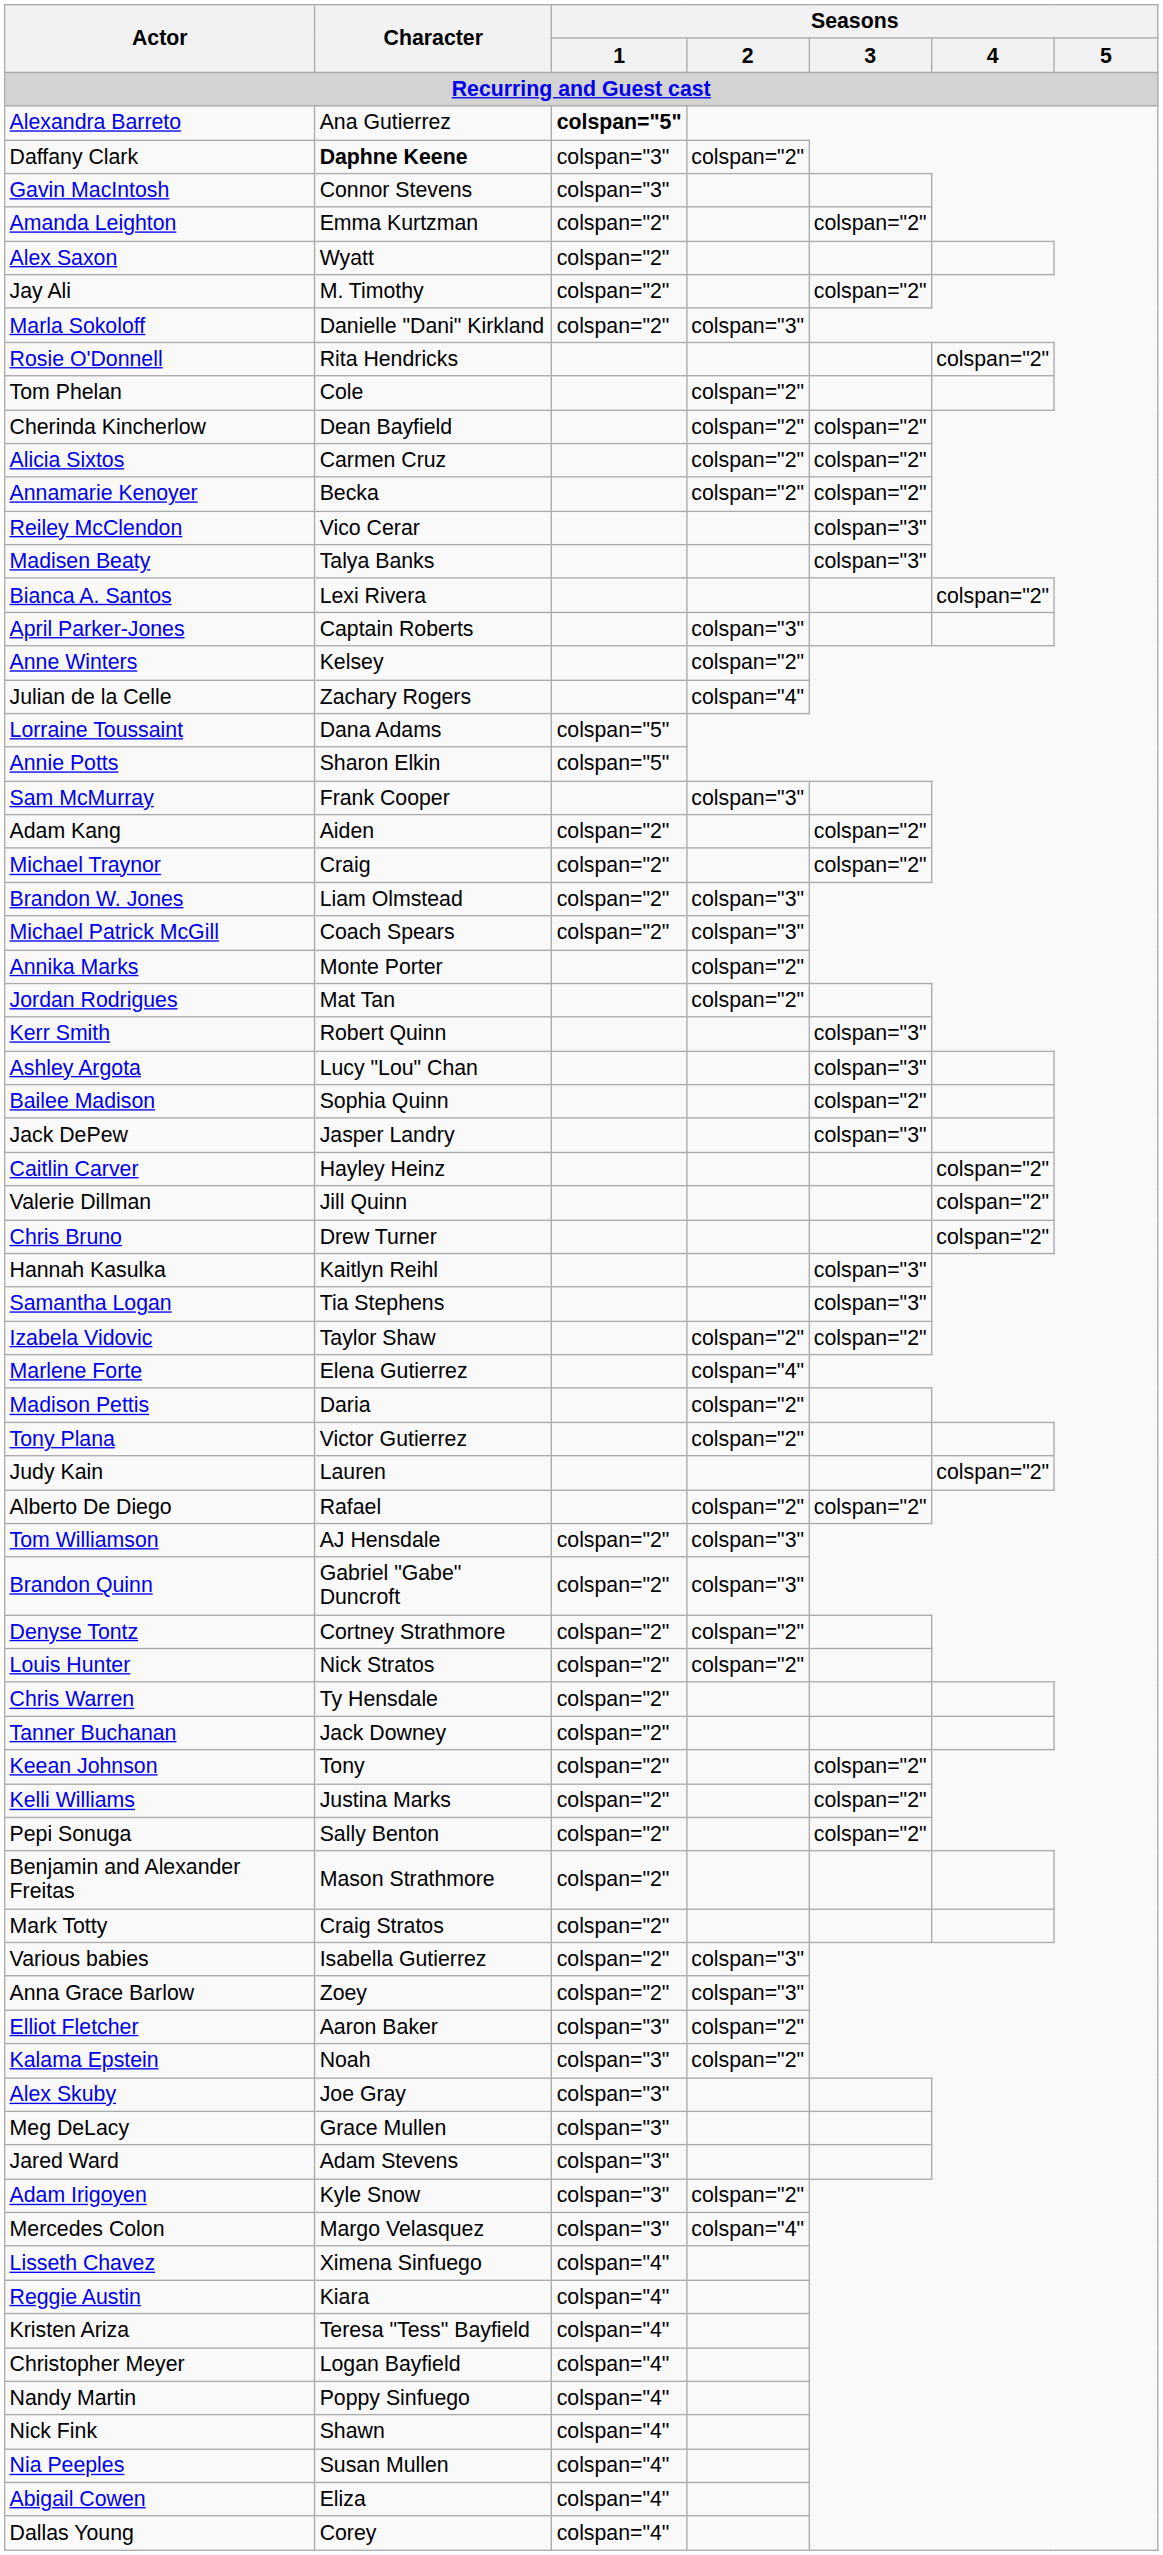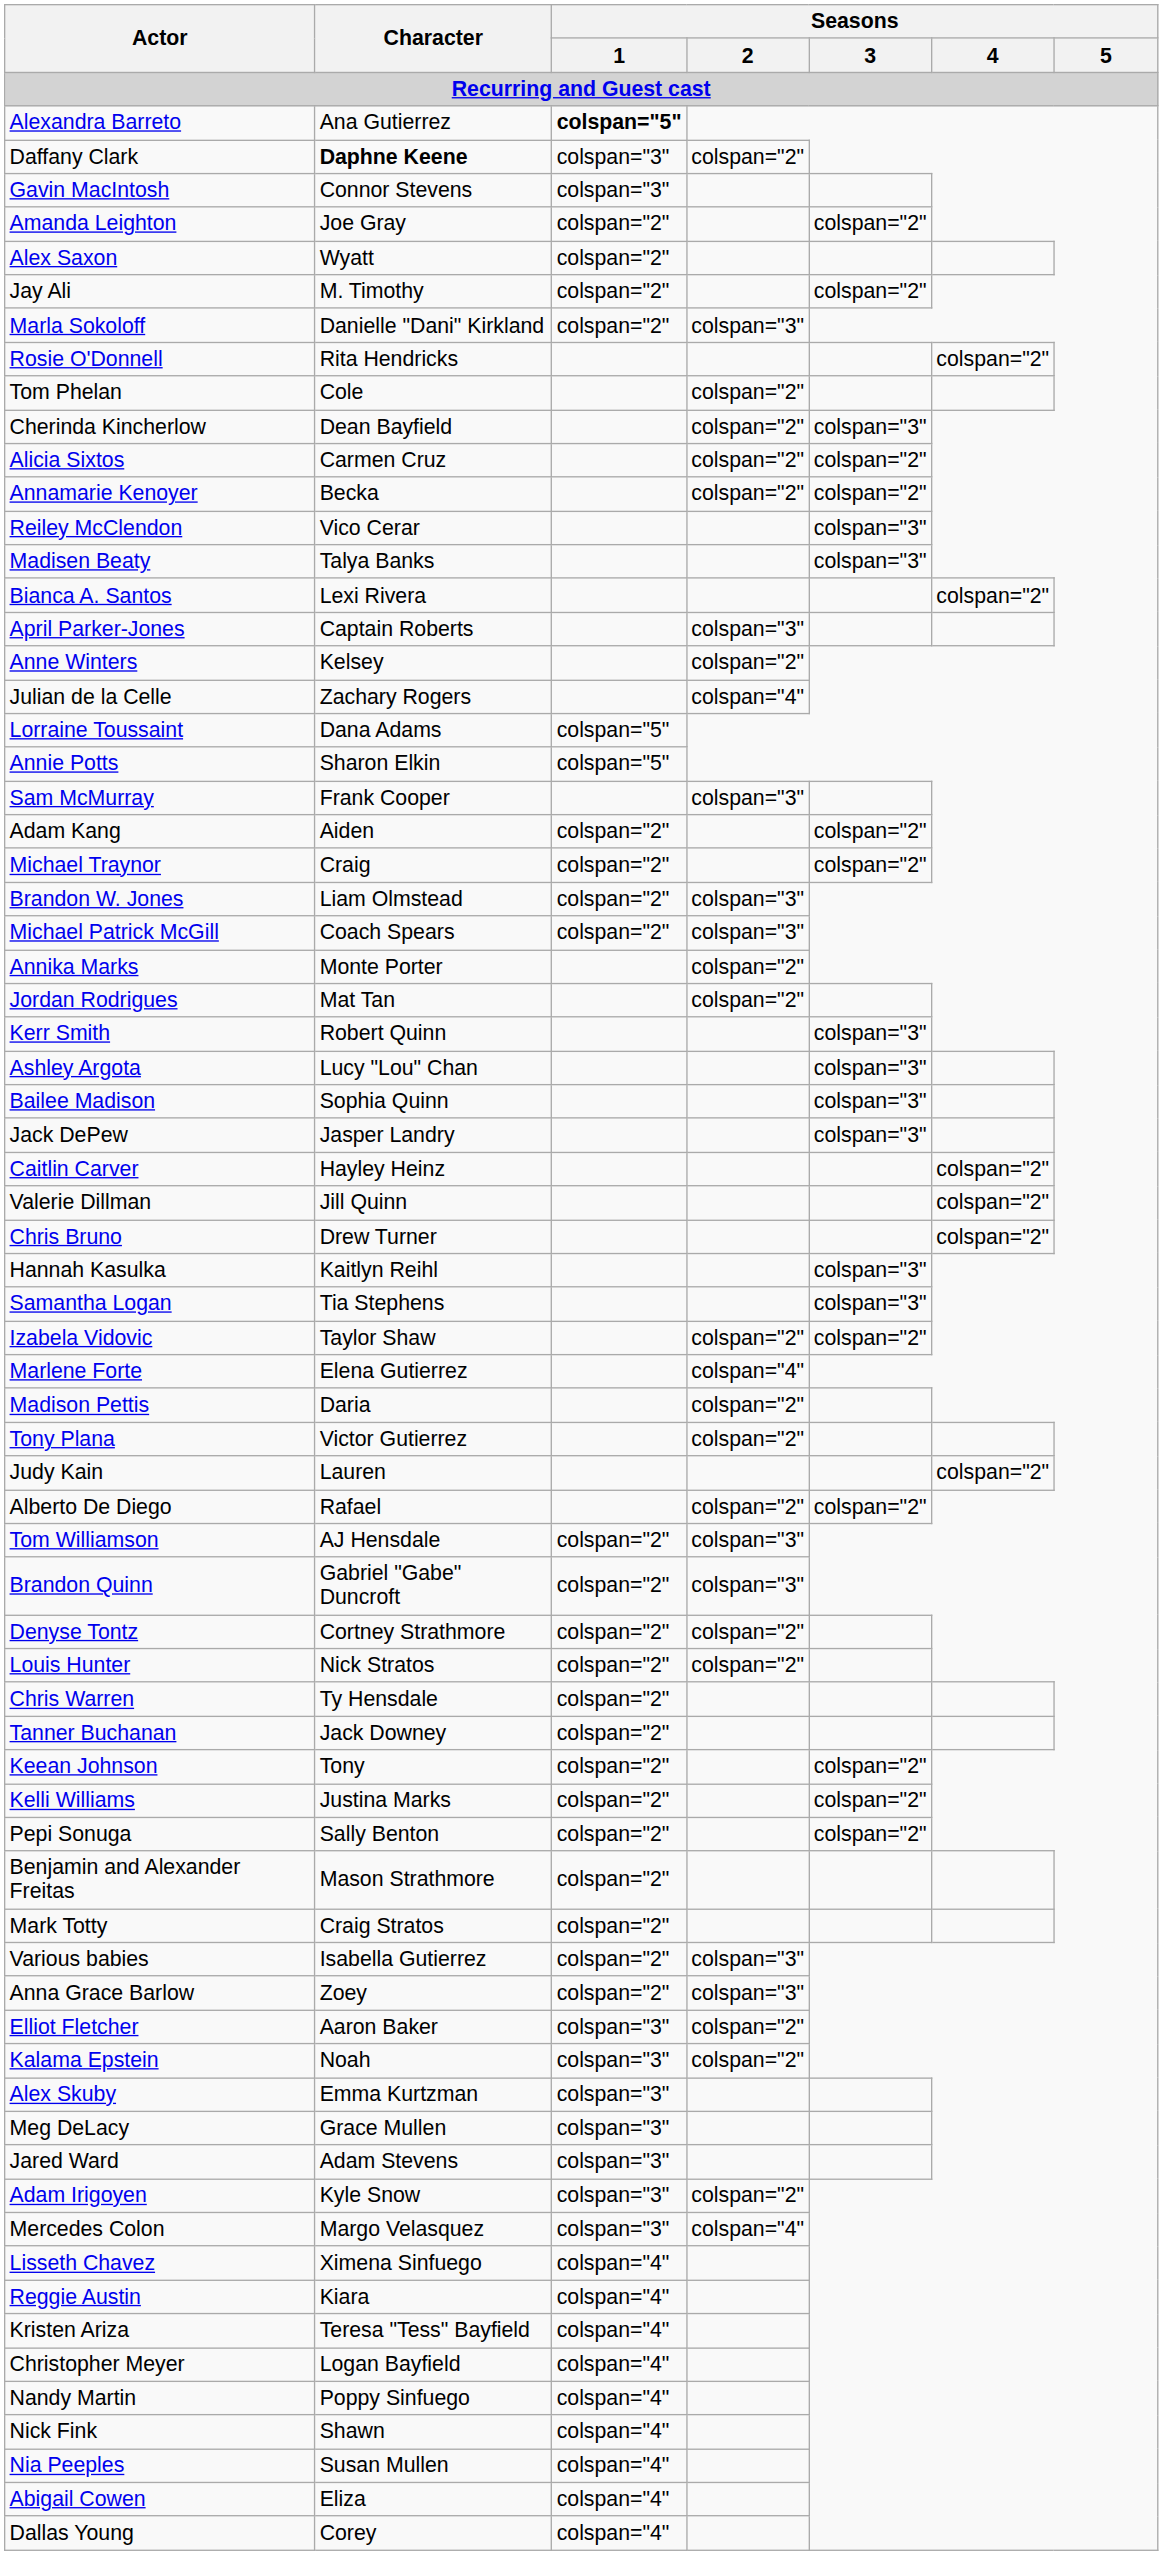 <table class="wikitable">
 <tr>
 <th rowspan="2">Actor</th>
 <th rowspan="2">Character</th>
 <th colspan="5">Seasons</th>
 </tr>
 <tr>
 <th style="width:53pt;">1</th>
 <th style="width:53pt;">2</th>
 <th style="width:53pt;">3</th>
 <th style="width:53pt;">4</th>
 <th style="width:53pt;">5</th>
 </tr>
 <tr>
 <th colspan="8" style="background:lightgrey;"><a href='#'>Recurring and Guest cast</a></th>
 </tr>
 <tr>
 <td><a href='#'>Alexandra Barreto</a></td>
 <td>Ana Gutierrez</td>
 <td><strong>colspan="5" </strong></td>
 </tr>
 <tr>
 <td>Daffany Clark</td>
 <td><strong>Daphne Keene</strong></td>
 <td>colspan="3" </td>
 <td>colspan="2" </td>
 </tr>
 <tr>
 <td><a href='#'>Gavin MacIntosh</a></td>
 <td>Connor Stevens</td>
 <td>colspan="3" </td>
 <td></td>
 <td></td>
 </tr>
 <tr>
 <td><a href='#'>Amanda Leighton</a></td>
-<td>Emma Kurtzman</td>
+<td>Joe Gray</td>
 <td>colspan="2" </td>
 <td></td>
 <td>colspan="2" </td>
 </tr>
 <tr>
 <td><a href='#'>Alex Saxon</a></td>
 <td>Wyatt</td>
 <td>colspan="2" </td>
 <td></td>
 <td></td>
 <td></td>
 </tr>
 <tr>
 <td>Jay Ali</td>
 <td>M. Timothy</td>
 <td>colspan="2" </td>
 <td></td>
 <td>colspan="2" </td>
 </tr>
 <tr>
 <td><a href='#'>Marla Sokoloff</a></td>
 <td>Danielle "Dani" Kirkland</td>
 <td>colspan="2" </td>
 <td>colspan="3" </td>
 </tr>
 <tr>
 <td><a href='#'>Rosie O'Donnell</a></td>
 <td>Rita Hendricks</td>
 <td></td>
 <td></td>
 <td></td>
 <td>colspan="2" </td>
 </tr>
 <tr>
 <td>Tom Phelan</td>
 <td>Cole</td>
 <td></td>
 <td>colspan="2" </td>
 <td></td>
 <td></td>
 </tr>
 <tr>
 <td>Cherinda Kincherlow</td>
 <td>Dean Bayfield</td>
 <td></td>
 <td>colspan="2" </td>
-<td>colspan="2" </td>
+<td>colspan="3" </td>
 </tr>
 <tr>
 <td><a href='#'>Alicia Sixtos</a></td>
 <td>Carmen Cruz</td>
 <td></td>
 <td>colspan="2" </td>
 <td>colspan="2" </td>
 </tr>
 <tr>
 <td><a href='#'>Annamarie Kenoyer</a></td>
 <td>Becka</td>
 <td></td>
 <td>colspan="2" </td>
 <td>colspan="2" </td>
 </tr>
 <tr>
 <td><a href='#'>Reiley McClendon</a></td>
 <td>Vico Cerar</td>
 <td></td>
 <td></td>
 <td>colspan="3" </td>
 </tr>
 <tr>
 <td><a href='#'>Madisen Beaty</a></td>
 <td>Talya Banks</td>
 <td></td>
 <td></td>
 <td>colspan="3" </td>
 </tr>
 <tr>
 <td><a href='#'>Bianca A. Santos</a></td>
 <td>Lexi Rivera</td>
 <td></td>
 <td></td>
 <td></td>
 <td>colspan="2" </td>
 </tr>
 <tr>
 <td><a href='#'>April Parker-Jones</a></td>
 <td>Captain Roberts</td>
 <td></td>
 <td>colspan="3" </td>
 <td></td>
 <td></td>
 </tr>
 <tr>
 <td><a href='#'>Anne Winters</a></td>
 <td>Kelsey</td>
 <td></td>
 <td>colspan="2" </td>
 </tr>
 <tr>
 <td>Julian de la Celle</td>
 <td>Zachary Rogers</td>
 <td></td>
 <td>colspan="4" </td>
 </tr>
 <tr>
 <td><a href='#'>Lorraine Toussaint</a></td>
 <td>Dana Adams</td>
 <td>colspan="5" </td>
 </tr>
 <tr>
 <td><a href='#'>Annie Potts</a></td>
 <td>Sharon Elkin</td>
 <td>colspan="5" </td>
 </tr>
 <tr>
 <td><a href='#'>Sam McMurray</a></td>
 <td>Frank Cooper</td>
 <td></td>
 <td>colspan="3" </td>
 <td></td>
 </tr>
 <tr>
 <td>Adam Kang</td>
 <td>Aiden</td>
 <td>colspan="2" </td>
 <td></td>
 <td>colspan="2" </td>
 </tr>
 <tr>
 <td><a href='#'>Michael Traynor</a></td>
 <td>Craig</td>
 <td>colspan="2" </td>
 <td></td>
 <td>colspan="2" </td>
 </tr>
 <tr>
 <td><a href='#'>Brandon W. Jones</a></td>
 <td>Liam Olmstead</td>
 <td>colspan="2" </td>
 <td>colspan="3" </td>
 </tr>
 <tr>
 <td><a href='#'>Michael Patrick McGill</a></td>
 <td>Coach Spears</td>
 <td>colspan="2" </td>
 <td>colspan="3" </td>
 </tr>
 <tr>
 <td><a href='#'>Annika Marks</a></td>
 <td>Monte Porter</td>
 <td></td>
 <td>colspan="2" </td>
 </tr>
 <tr>
 <td><a href='#'>Jordan Rodrigues</a></td>
 <td>Mat Tan</td>
 <td></td>
 <td>colspan="2" </td>
 <td></td>
 </tr>
 <tr>
 <td><a href='#'>Kerr Smith</a></td>
 <td>Robert Quinn</td>
 <td></td>
 <td></td>
 <td>colspan="3" </td>
 </tr>
 <tr>
 <td><a href='#'>Ashley Argota</a></td>
 <td>Lucy "Lou" Chan</td>
 <td></td>
 <td></td>
 <td>colspan="3" </td>
 <td></td>
 </tr>
 <tr>
 <td><a href='#'>Bailee Madison</a></td>
 <td>Sophia Quinn</td>
 <td></td>
 <td></td>
-<td>colspan="2" </td>
+<td>colspan="3" </td>
 <td></td>
 </tr>
 <tr>
 <td>Jack DePew</td>
 <td>Jasper Landry</td>
 <td></td>
 <td></td>
 <td>colspan="3" </td>
 <td></td>
 </tr>
 <tr>
 <td><a href='#'>Caitlin Carver</a></td>
 <td>Hayley Heinz</td>
 <td></td>
 <td></td>
 <td></td>
 <td>colspan="2" </td>
 </tr>
 <tr>
 <td>Valerie Dillman</td>
 <td>Jill Quinn</td>
 <td></td>
 <td></td>
 <td></td>
 <td>colspan="2" </td>
 </tr>
 <tr>
 <td><a href='#'>Chris Bruno</a></td>
 <td>Drew Turner</td>
 <td></td>
 <td></td>
 <td></td>
 <td>colspan="2" </td>
 </tr>
 <tr>
 <td>Hannah Kasulka</td>
 <td>Kaitlyn Reihl</td>
 <td></td>
 <td></td>
 <td>colspan="3" </td>
 </tr>
 <tr>
 <td><a href='#'>Samantha Logan</a></td>
 <td>Tia Stephens</td>
 <td></td>
 <td></td>
 <td>colspan="3" </td>
 </tr>
 <tr>
 <td><a href='#'>Izabela Vidovic</a></td>
 <td>Taylor Shaw</td>
 <td></td>
 <td>colspan="2" </td>
 <td>colspan="2" </td>
 </tr>
 <tr>
 <td><a href='#'>Marlene Forte</a></td>
 <td>Elena Gutierrez</td>
 <td></td>
 <td>colspan="4" </td>
 </tr>
 <tr>
 <td><a href='#'>Madison Pettis</a></td>
 <td>Daria</td>
 <td></td>
 <td>colspan="2" </td>
 <td></td>
 </tr>
 <tr>
 <td><a href='#'>Tony Plana</a></td>
 <td>Victor Gutierrez</td>
 <td></td>
 <td>colspan="2" </td>
 <td></td>
 <td></td>
 </tr>
 <tr>
 <td>Judy Kain</td>
 <td>Lauren</td>
 <td></td>
 <td></td>
 <td></td>
 <td>colspan="2" </td>
 </tr>
 <tr>
 <td>Alberto De Diego</td>
 <td>Rafael</td>
 <td></td>
 <td>colspan="2" </td>
 <td>colspan="2" </td>
 </tr>
 <tr>
 <td><a href='#'>Tom Williamson</a></td>
 <td>AJ Hensdale</td>
 <td>colspan="2" </td>
 <td>colspan="3" </td>
 </tr>
 <tr>
 <td><a href='#'>Brandon Quinn</a></td>
 <td>Gabriel "Gabe" Duncroft</td>
 <td>colspan="2" </td>
 <td>colspan="3" </td>
 </tr>
 <tr>
 <td><a href='#'>Denyse Tontz</a></td>
 <td>Cortney Strathmore</td>
 <td>colspan="2" </td>
 <td>colspan="2" </td>
 <td></td>
 </tr>
 <tr>
 <td><a href='#'>Louis Hunter</a></td>
 <td>Nick Stratos</td>
 <td>colspan="2" </td>
 <td>colspan="2" </td>
 <td></td>
 </tr>
 <tr>
 <td><a href='#'>Chris Warren</a></td>
 <td>Ty Hensdale</td>
 <td>colspan="2" </td>
 <td></td>
 <td></td>
 <td></td>
 </tr>
 <tr>
 <td><a href='#'>Tanner Buchanan</a></td>
 <td>Jack Downey</td>
 <td>colspan="2" </td>
 <td></td>
 <td></td>
 <td></td>
 </tr>
 <tr>
 <td><a href='#'>Keean Johnson</a></td>
 <td>Tony</td>
 <td>colspan="2" </td>
 <td></td>
 <td>colspan="2" </td>
 </tr>
 <tr>
 <td><a href='#'>Kelli Williams</a></td>
 <td>Justina Marks</td>
 <td>colspan="2" </td>
 <td></td>
 <td>colspan="2" </td>
 </tr>
 <tr>
 <td>Pepi Sonuga</td>
 <td>Sally Benton</td>
 <td>colspan="2" </td>
 <td></td>
 <td>colspan="2" </td>
 </tr>
 <tr>
 <td>Benjamin and Alexander Freitas</td>
 <td>Mason Strathmore</td>
 <td>colspan="2" </td>
 <td></td>
 <td></td>
 <td></td>
 </tr>
 <tr>
 <td>Mark Totty</td>
 <td>Craig Stratos</td>
 <td>colspan="2" </td>
 <td></td>
 <td></td>
 <td></td>
 </tr>
 <tr>
 <td>Various babies</td>
 <td>Isabella Gutierrez</td>
 <td>colspan="2" </td>
 <td>colspan="3" </td>
 </tr>
 <tr>
 <td>Anna Grace Barlow</td>
 <td>Zoey</td>
 <td>colspan="2" </td>
 <td>colspan="3" </td>
 </tr>
 <tr>
 <td><a href='#'>Elliot Fletcher</a></td>
 <td>Aaron Baker</td>
 <td>colspan="3" </td>
 <td>colspan="2" </td>
 </tr>
 <tr>
 <td><a href='#'>Kalama Epstein</a></td>
 <td>Noah</td>
 <td>colspan="3" </td>
 <td>colspan="2" </td>
 </tr>
 <tr>
 <td><a href='#'>Alex Skuby</a></td>
-<td>Joe Gray</td>
+<td>Emma Kurtzman</td>
 <td>colspan="3" </td>
 <td></td>
 <td></td>
 </tr>
 <tr>
 <td>Meg DeLacy</td>
 <td>Grace Mullen</td>
 <td>colspan="3" </td>
 <td></td>
 <td></td>
 </tr>
 <tr>
 <td>Jared Ward</td>
 <td>Adam Stevens</td>
 <td>colspan="3" </td>
 <td></td>
 <td></td>
 </tr>
 <tr>
 <td><a href='#'>Adam Irigoyen</a></td>
 <td>Kyle Snow</td>
 <td>colspan="3" </td>
 <td>colspan="2" </td>
 </tr>
 <tr>
 <td>Mercedes Colon</td>
 <td>Margo Velasquez</td>
 <td>colspan="3" </td>
 <td>colspan="4" </td>
 </tr>
 <tr>
 <td><a href='#'>Lisseth Chavez</a></td>
 <td>Ximena Sinfuego</td>
 <td>colspan="4" </td>
 <td></td>
 </tr>
 <tr>
 <td><a href='#'>Reggie Austin</a></td>
 <td>Kiara</td>
 <td>colspan="4" </td>
 <td></td>
 </tr>
 <tr>
 <td>Kristen Ariza</td>
 <td>Teresa "Tess" Bayfield</td>
 <td>colspan="4" </td>
 <td></td>
 </tr>
 <tr>
 <td>Christopher Meyer</td>
 <td>Logan Bayfield</td>
 <td>colspan="4" </td>
 <td></td>
 </tr>
 <tr>
 <td>Nandy Martin</td>
 <td>Poppy Sinfuego</td>
 <td>colspan="4" </td>
 <td></td>
 </tr>
 <tr>
 <td>Nick Fink</td>
 <td>Shawn</td>
 <td>colspan="4" </td>
 <td></td>
 </tr>
 <tr>
 <td><a href='#'>Nia Peeples</a></td>
 <td>Susan Mullen</td>
 <td>colspan="4" </td>
 <td></td>
 </tr>
 <tr>
 <td><a href='#'>Abigail Cowen</a></td>
 <td>Eliza</td>
 <td>colspan="4" </td>
 <td></td>
 </tr>
 <tr>
 <td>Dallas Young</td>
 <td>Corey</td>
 <td>colspan="4" </td>
 <td></td>
 </tr>
 </table>
